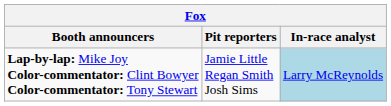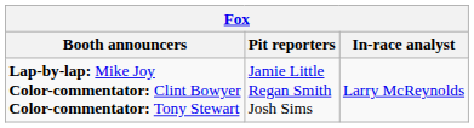 <table class="wikitable" style="font-size: 95%;">
 <tr>
 <th colspan="3"><a href='#'>Fox</a></th>
 </tr>
 <tr>
 <th>Booth announcers</th>
 <th>Pit reporters</th>
 <th>In-race analyst</th>
 </tr>
 <tr>
 <td><strong>Lap-by-lap:</strong> <a href='#'>Mike Joy</a><br><strong>Color-commentator:</strong> <a href='#'>Clint Bowyer</a><br><strong>Color-commentator:</strong> <a href='#'>Tony Stewart</a></td>
 <td><a href='#'>Jamie Little</a><br><a href='#'>Regan Smith</a><br>Josh Sims</td>
-<td style="background: lightblue;"><a href='#'>Larry McReynolds</a></td>
+<td><a href='#'>Larry McReynolds</a></td>
 </tr>
 </table>
